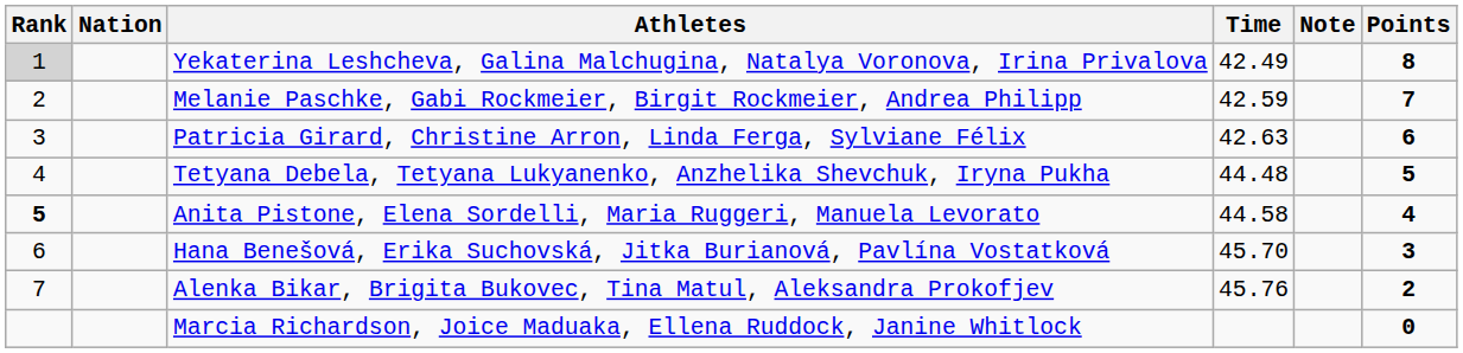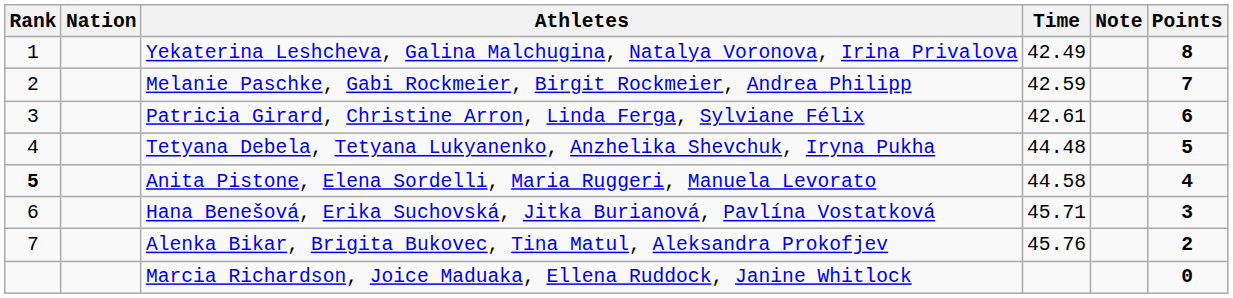 <table class="wikitable sortable" style="text-align:center">
 <tr>
 <th>Rank</th>
 <th>Nation</th>
 <th>Athletes</th>
 <th>Time</th>
 <th>Note</th>
 <th>Points</th>
 </tr>
 <tr>
-<td style="background: lightgrey;">1</td>
+<td>1</td>
 <td align=left></td>
 <td align=left><a href='#'>Yekaterina Leshcheva</a>, <a href='#'>Galina Malchugina</a>, <a href='#'>Natalya Voronova</a>, <a href='#'>Irina Privalova</a></td>
 <td>42.49</td>
 <td></td>
 <td><strong>8</strong></td>
 </tr>
 <tr>
 <td>2</td>
 <td align=left></td>
 <td align=left><a href='#'>Melanie Paschke</a>, <a href='#'>Gabi Rockmeier</a>, <a href='#'>Birgit Rockmeier</a>, <a href='#'>Andrea Philipp</a></td>
 <td>42.59</td>
 <td></td>
 <td><strong>7</strong></td>
 </tr>
 <tr>
 <td>3</td>
 <td align=left></td>
 <td align=left><a href='#'>Patricia Girard</a>, <a href='#'>Christine Arron</a>, <a href='#'>Linda Ferga</a>, <a href='#'>Sylviane Félix</a></td>
-<td>42.63</td>
+<td>42.61</td>
 <td></td>
 <td><strong>6</strong></td>
 </tr>
 <tr>
 <td>4</td>
 <td align=left></td>
 <td align=left><a href='#'>Tetyana Debela</a>, <a href='#'>Tetyana Lukyanenko</a>, <a href='#'>Anzhelika Shevchuk</a>, <a href='#'>Iryna Pukha</a></td>
 <td>44.48</td>
 <td></td>
 <td><strong>5</strong></td>
 </tr>
 <tr>
 <td><strong>5</strong></td>
 <td align=left></td>
 <td align=left><a href='#'>Anita Pistone</a>, <a href='#'>Elena Sordelli</a>, <a href='#'>Maria Ruggeri</a>, <a href='#'>Manuela Levorato</a></td>
 <td>44.58</td>
 <td></td>
 <td><strong>4</strong></td>
 </tr>
 <tr>
 <td>6</td>
 <td align=left></td>
 <td align=left><a href='#'>Hana Benešová</a>, <a href='#'>Erika Suchovská</a>, <a href='#'>Jitka Burianová</a>, <a href='#'>Pavlína Vostatková</a></td>
-<td>45.70</td>
+<td>45.71</td>
 <td></td>
 <td><strong>3</strong></td>
 </tr>
 <tr>
 <td>7</td>
 <td align=left></td>
 <td align=left><a href='#'>Alenka Bikar</a>, <a href='#'>Brigita Bukovec</a>, <a href='#'>Tina Matul</a>, <a href='#'>Aleksandra Prokofjev</a></td>
 <td>45.76</td>
 <td></td>
 <td><strong>2</strong></td>
 </tr>
 <tr>
 <td></td>
 <td align=left></td>
 <td align=left><a href='#'>Marcia Richardson</a>, <a href='#'>Joice Maduaka</a>, <a href='#'>Ellena Ruddock</a>, <a href='#'>Janine Whitlock</a></td>
 <td></td>
 <td></td>
 <td><strong>0</strong></td>
 </tr>
 </table>
